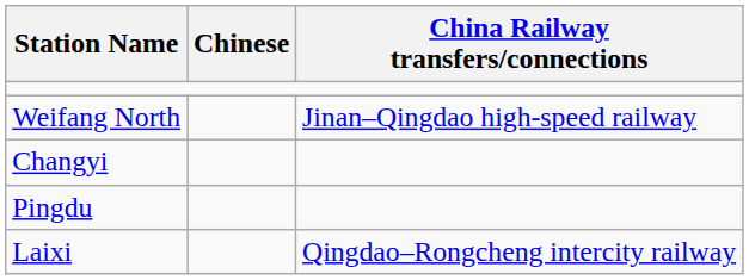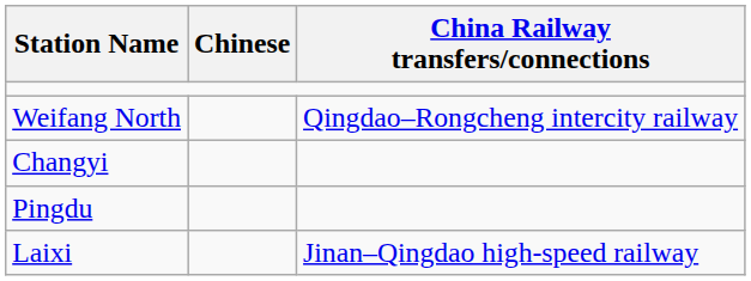 <table class="wikitable">
 <tr>
 <th>Station Name</th>
 <th>Chinese<br></th>
 <th><a href='#'>China Railway</a><br>transfers/connections<br> </th>
 </tr>
 <tr style="background:#">
 <td colspan = "11"></td>
 </tr>
 <tr>
 <td><a href='#'>Weifang North</a></td>
 <td></td>
-<td><a href='#'>Jinan–Qingdao high-speed railway</a></td>
+<td><a href='#'>Qingdao–Rongcheng intercity railway</a></td>
 </tr>
 <tr>
 <td><a href='#'>Changyi</a></td>
 <td></td>
 <td></td>
 </tr>
 <tr>
 <td><a href='#'>Pingdu</a></td>
 <td></td>
 <td></td>
 </tr>
 <tr>
 <td><a href='#'>Laixi</a></td>
 <td></td>
-<td><a href='#'>Qingdao–Rongcheng intercity railway</a></td>
+<td><a href='#'>Jinan–Qingdao high-speed railway</a></td>
 </tr>
 </table>
